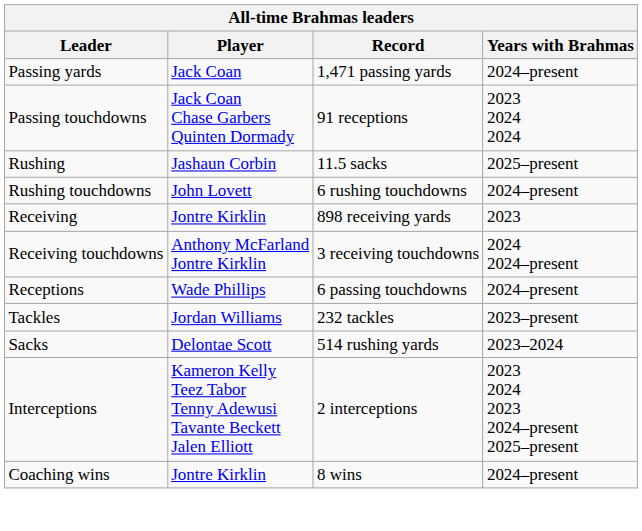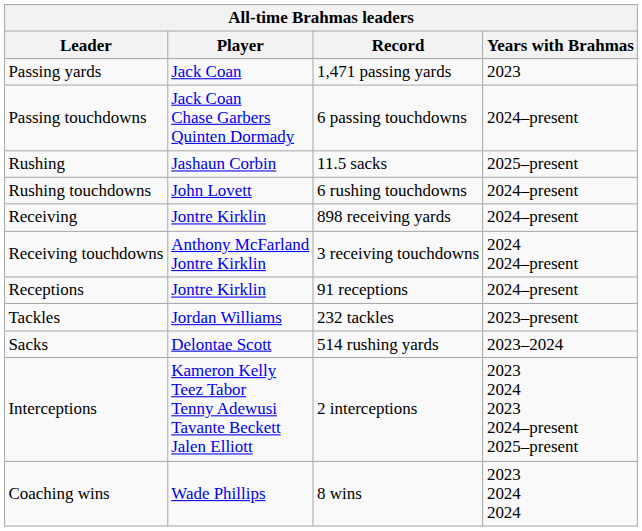 <table class="wikitable">
 <tr>
 <th colspan="5">All-time Brahmas leaders</th>
 </tr>
 <tr>
 <th>Leader</th>
 <th>Player</th>
 <th>Record</th>
 <th>Years with Brahmas</th>
 </tr>
 <tr>
 <td>Passing yards</td>
 <td><a href='#'>Jack Coan</a></td>
 <td>1,471 passing yards</td>
-<td>2024–present</td>
+<td>2023</td>
 </tr>
 <tr>
 <td>Passing touchdowns</td>
 <td><a href='#'>Jack Coan</a><br><a href='#'>Chase Garbers</a><br><a href='#'>Quinten Dormady</a></td>
-<td>91 receptions</td>
-<td>2023<br>2024<br>2024</td>
+<td>6 passing touchdowns</td>
+<td>2024–present</td>
 </tr>
 <tr>
 <td>Rushing</td>
 <td><a href='#'>Jashaun Corbin</a></td>
 <td>11.5 sacks</td>
 <td>2025–present</td>
 </tr>
 <tr>
 <td>Rushing touchdowns</td>
 <td><a href='#'>John Lovett</a></td>
 <td>6 rushing touchdowns</td>
 <td>2024–present</td>
 </tr>
 <tr>
 <td>Receiving</td>
 <td><a href='#'>Jontre Kirklin</a></td>
 <td>898 receiving yards</td>
-<td>2023</td>
+<td>2024–present</td>
 </tr>
 <tr>
 <td>Receiving touchdowns</td>
 <td><a href='#'>Anthony McFarland</a><br><a href='#'>Jontre Kirklin</a></td>
 <td>3 receiving touchdowns</td>
 <td>2024<br>2024–present</td>
 </tr>
 <tr>
 <td>Receptions</td>
-<td><a href='#'>Wade Phillips</a></td>
-<td>6 passing touchdowns</td>
+<td><a href='#'>Jontre Kirklin</a></td>
+<td>91 receptions</td>
 <td>2024–present</td>
 </tr>
 <tr>
 <td>Tackles</td>
 <td><a href='#'>Jordan Williams</a></td>
 <td>232 tackles</td>
 <td>2023–present</td>
 </tr>
 <tr>
 <td>Sacks</td>
 <td><a href='#'>Delontae Scott</a></td>
 <td>514 rushing yards</td>
 <td>2023–2024</td>
 </tr>
 <tr>
 <td>Interceptions</td>
 <td><a href='#'>Kameron Kelly</a><br><a href='#'>Teez Tabor</a><br><a href='#'>Tenny Adewusi</a><br><a href='#'>Tavante Beckett</a><br><a href='#'>Jalen Elliott</a></td>
 <td>2 interceptions</td>
 <td>2023<br>2024<br>2023<br>2024–present<br>2025–present</td>
 </tr>
 <tr>
 <td>Coaching wins</td>
-<td><a href='#'>Jontre Kirklin</a></td>
+<td><a href='#'>Wade Phillips</a></td>
 <td>8 wins</td>
-<td>2024–present</td>
+<td>2023<br>2024<br>2024</td>
 </tr>
 </table>
